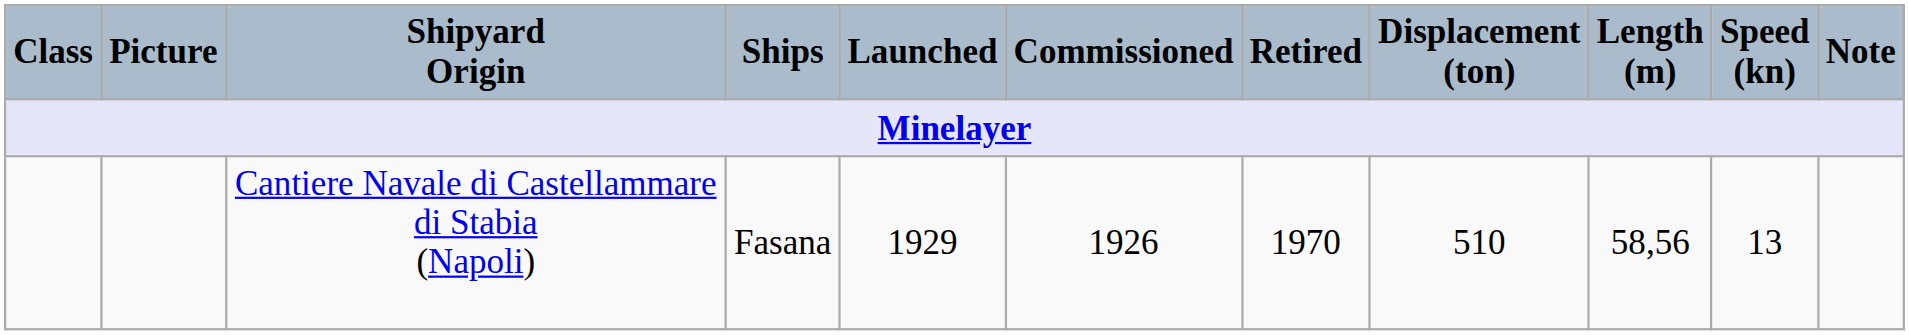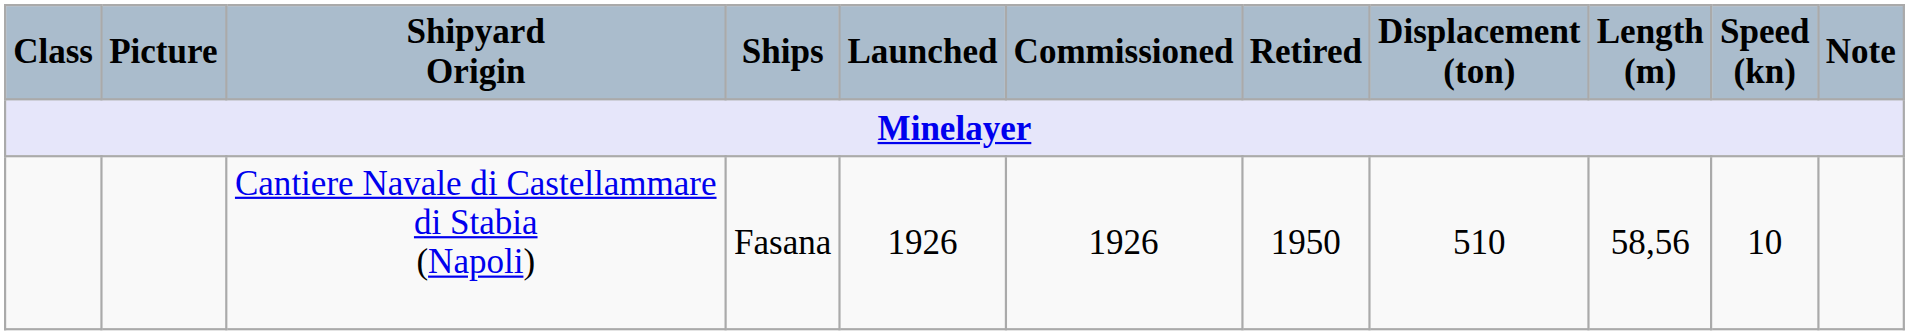 <table class="wikitable" style="text-align:center;">
 <tr>
 <th style="text-align: central; background: #aabccc;">Class</th>
 <th style="text-align: central; background: #aabccc;">Picture</th>
 <th style="text-align: central; background: #aabccc;">Shipyard<br>Origin</th>
 <th style="text-align: central; background: #aabccc;">Ships</th>
 <th style="text-align: central; background: #aabccc;">Launched</th>
 <th style="text-align: central; background: #aabccc;">Commissioned</th>
 <th style="text-align: central; background: #aabccc;">Retired</th>
 <th style="text-align: central; background: #aabccc;">Displacement<br>(ton)</th>
 <th style="text-align: central; background: #aabccc;">Length<br>(m)</th>
 <th style="text-align: central; background: #aabccc;">Speed<br>(kn)</th>
 <th style="text-align: central; background: #aabccc;">Note</th>
 </tr>
 <tr>
 <th style="align: center; background: lavender;" colspan="11"><strong><a href='#'>Minelayer</a></strong></th>
 </tr>
 <tr>
 <td></td>
 <td></td>
 <td><a href='#'>Cantiere Navale di Castellammare di Stabia</a><br>(<a href='#'>Napoli</a>)<br><br></td>
 <td>Fasana </td>
-<td>1929</td>
 <td>1926</td>
-<td>1970</td>
+<td>1926</td>
+<td>1950</td>
 <td>510</td>
 <td>58,56</td>
-<td>13</td>
+<td>10</td>
 <td></td>
 </tr>
 </table>
